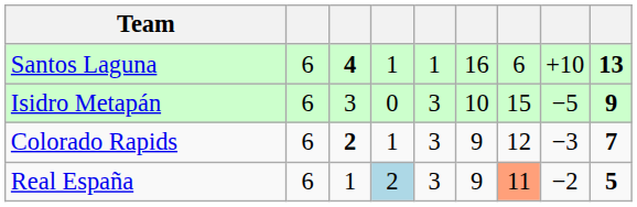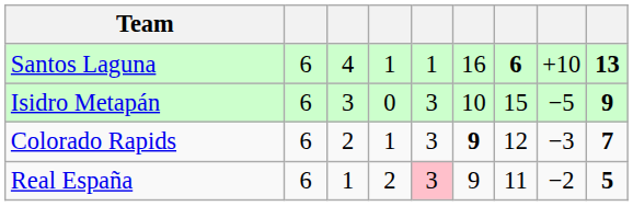 <table class="wikitable" style="text-align:center">
 <tr>
 <th width="175">Team</th>
 <th width="20"></th>
 <th width="20"></th>
 <th width="20"></th>
 <th width="20"></th>
 <th width="20"></th>
 <th width="20"></th>
 <th width="20"></th>
 <th width="20"></th>
 </tr>
 <tr bgcolor=ccffcc>
 <td align=left> <a href='#'>Santos Laguna</a></td>
 <td>6</td>
-<td><strong>4</strong></td>
+<td>4</td>
 <td>1</td>
 <td>1</td>
 <td>16</td>
-<td>6</td>
+<td><strong>6</strong></td>
 <td>+10</td>
 <td><strong>13</strong></td>
 </tr>
 <tr bgcolor=ccffcc>
 <td align=left> <a href='#'>Isidro Metapán</a></td>
 <td>6</td>
 <td>3</td>
 <td>0</td>
 <td>3</td>
 <td>10</td>
 <td>15</td>
 <td>−5</td>
 <td><strong>9</strong></td>
 </tr>
 <tr>
 <td align=left> <a href='#'>Colorado Rapids</a></td>
 <td>6</td>
-<td><strong>2</strong></td>
+<td>2</td>
 <td>1</td>
 <td>3</td>
-<td>9</td>
+<td><strong>9</strong></td>
 <td>12</td>
 <td>−3</td>
 <td><strong>7</strong></td>
 </tr>
 <tr>
 <td align=left> <a href='#'>Real España</a></td>
 <td>6</td>
 <td>1</td>
-<td style="background: lightblue;">2</td>
-<td>3</td>
+<td>2</td>
+<td style="background: pink;">3</td>
 <td>9</td>
-<td style="background: lightsalmon;">11</td>
+<td>11</td>
 <td>−2</td>
 <td><strong>5</strong></td>
 </tr>
 </table>
